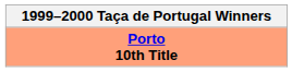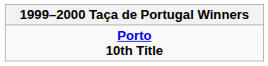 <table class="wikitable" style="text-align: center; margin: 0 auto; width: 20%">
 <tr>
 <th>1999–2000 Taça de Portugal Winners</th>
 </tr>
 <tr>
-<td style="background: lightsalmon;"><strong><a href='#'>Porto</a></strong><br><strong>10th Title</strong></td>
+<td><strong><a href='#'>Porto</a></strong><br><strong>10th Title</strong></td>
 </tr>
 </table>
